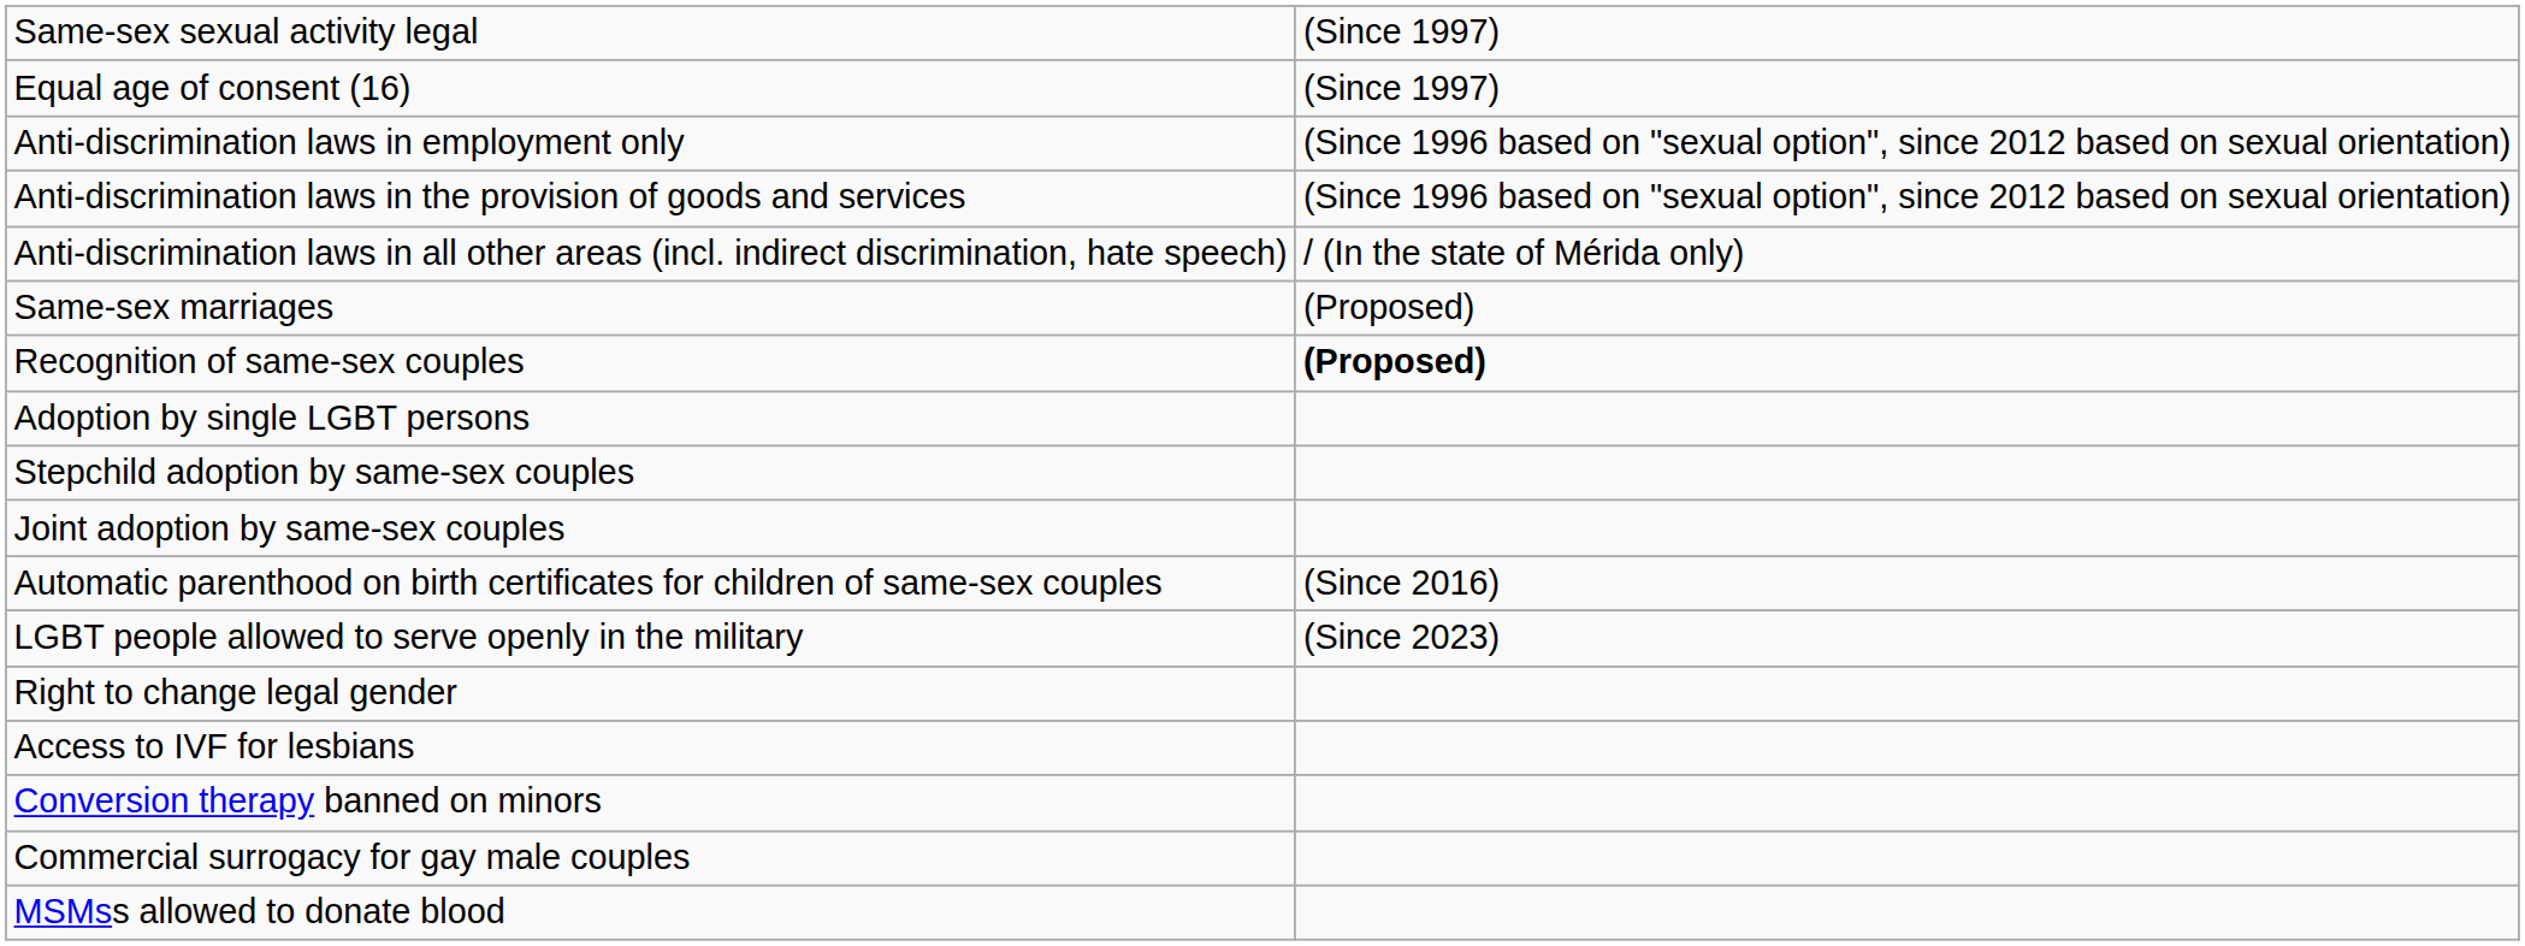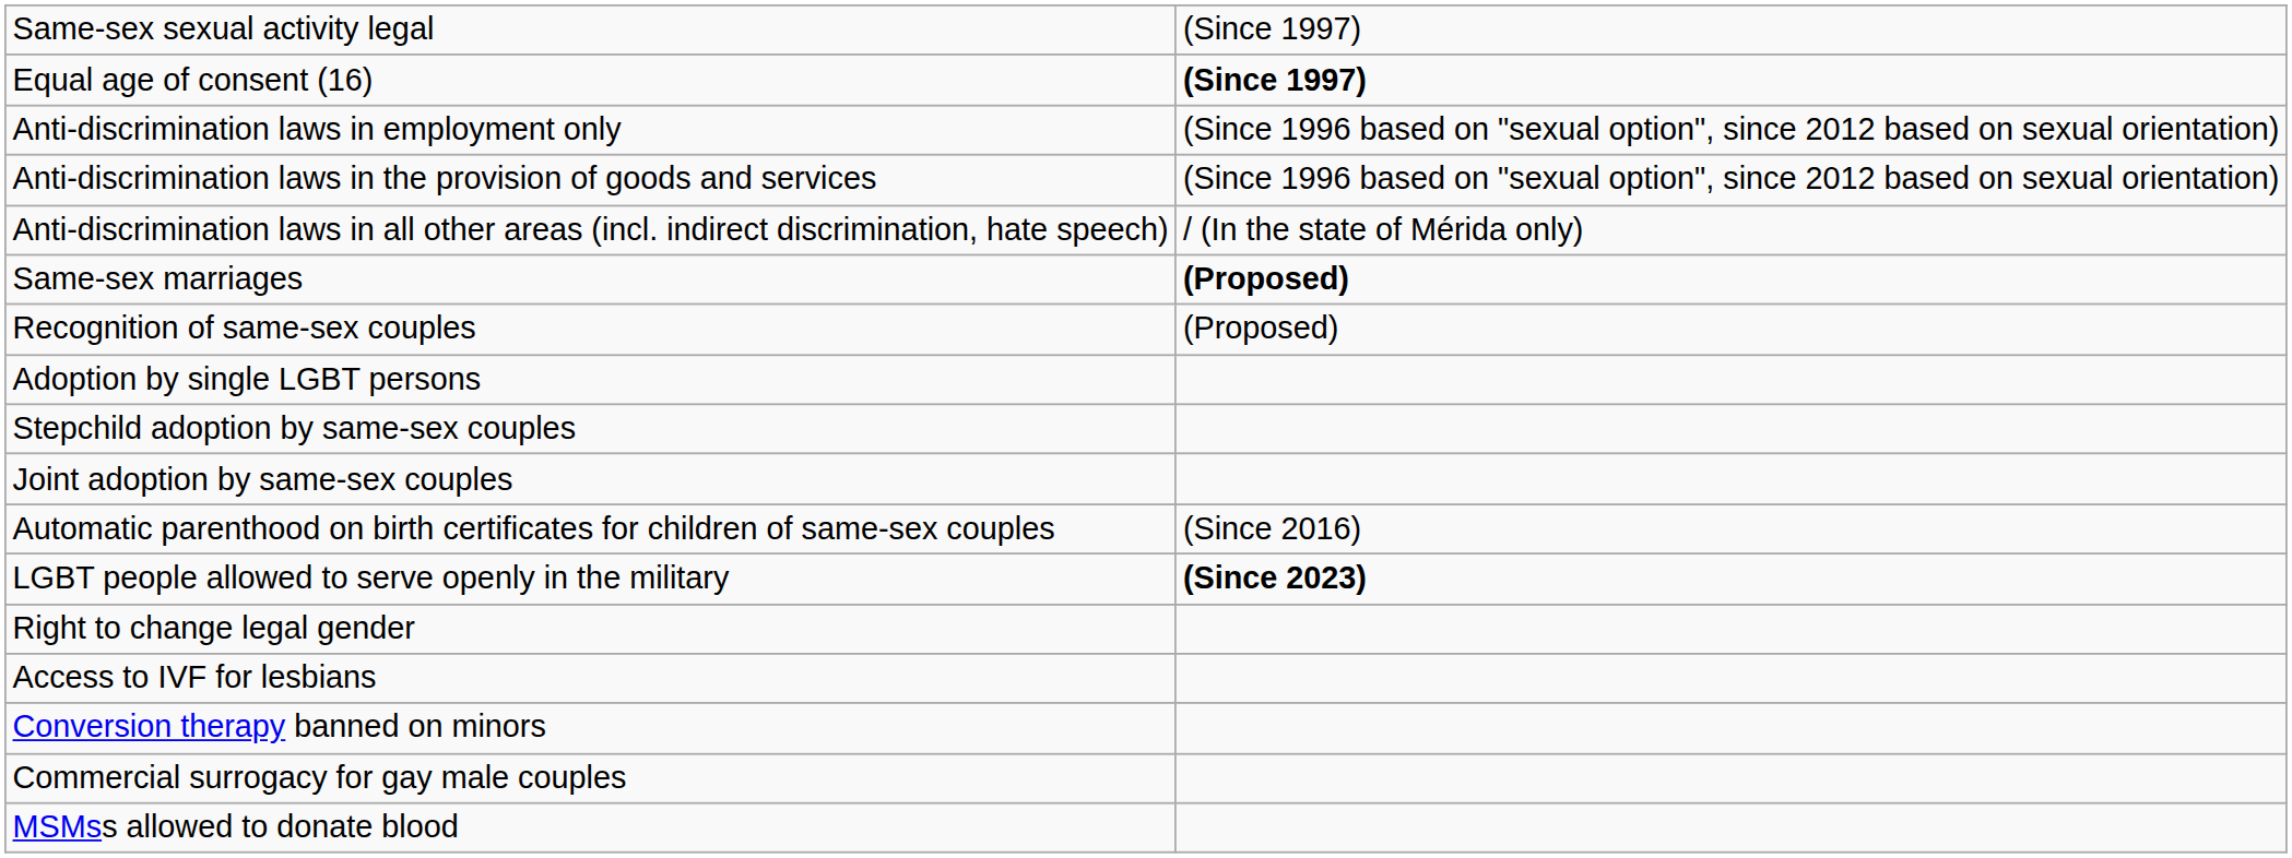 <table class="wikitable">
 <tr>
 <td>Same-sex sexual activity legal</td>
 <td> (Since 1997)</td>
 </tr>
 <tr>
 <td>Equal age of consent (16)</td>
-<td> (Since 1997)</td>
+<td><strong> (Since 1997)</strong></td>
 </tr>
 <tr>
 <td>Anti-discrimination laws in employment only</td>
 <td> (Since 1996 based on "sexual option", since 2012 based on sexual orientation)</td>
 </tr>
 <tr>
 <td>Anti-discrimination laws in the provision of goods and services</td>
 <td> (Since 1996 based on "sexual option", since 2012 based on sexual orientation)</td>
 </tr>
 <tr>
 <td>Anti-discrimination laws in all other areas (incl. indirect discrimination, hate speech)</td>
 <td>/ (In the state of Mérida only)</td>
 </tr>
 <tr>
 <td>Same-sex marriages</td>
-<td> (Proposed)</td>
+<td><strong> (Proposed)</strong></td>
 </tr>
 <tr>
 <td>Recognition of same-sex couples</td>
-<td><strong> (Proposed)</strong></td>
+<td> (Proposed)</td>
 </tr>
 <tr>
 <td>Adoption by single LGBT persons</td>
 <td></td>
 </tr>
 <tr>
 <td>Stepchild adoption by same-sex couples</td>
 <td></td>
 </tr>
 <tr>
 <td>Joint adoption by same-sex couples</td>
 <td></td>
 </tr>
 <tr>
 <td>Automatic parenthood on birth certificates for children of same-sex couples</td>
 <td> (Since 2016)</td>
 </tr>
 <tr>
 <td>LGBT people allowed to serve openly in the military</td>
-<td> (Since 2023)</td>
+<td><strong> (Since 2023)</strong></td>
 </tr>
 <tr>
 <td>Right to change legal gender</td>
 <td></td>
 </tr>
 <tr>
 <td>Access to IVF for lesbians</td>
 <td></td>
 </tr>
 <tr>
 <td><a href='#'>Conversion therapy</a> banned on minors</td>
 <td></td>
 </tr>
 <tr>
 <td>Commercial surrogacy for gay male couples</td>
 <td></td>
 </tr>
 <tr>
 <td><a href='#'>MSMs</a>s allowed to donate blood</td>
 <td></td>
 </tr>
 </table>
